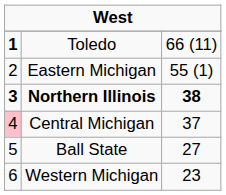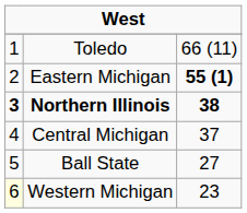 <table class="wikitable" style="display: inline-table;">
 <tr align="center">
 <td align="center" Colspan="3"><strong>West</strong></td>
 </tr>
 <tr align="center">
 </tr>
 <tr align="center">
-<td><strong>1</strong></td>
+<td>1</td>
 <td>Toledo</td>
 <td>66 (11)</td>
 </tr>
 <tr align="center">
 <td>2</td>
 <td>Eastern Michigan</td>
-<td>55 (1)</td>
+<td><strong>55 (1)</strong></td>
 </tr>
 <tr align="center">
 <td><strong>3</strong></td>
 <td><strong>Northern Illinois</strong></td>
 <td><strong>38</strong></td>
 </tr>
 <tr align="center">
-<td style="background: pink;">4</td>
+<td>4</td>
 <td>Central Michigan</td>
 <td>37</td>
 </tr>
 <tr align="center">
 <td>5</td>
 <td>Ball State</td>
 <td>27</td>
 </tr>
 <tr align="center">
-<td>6</td>
+<td style="background: lightyellow;">6</td>
 <td>Western Michigan</td>
 <td>23</td>
 </tr>
 </table>
